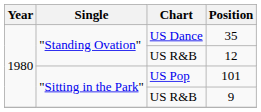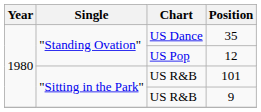 <table class="wikitable">
 <tr>
 <th>Year</th>
 <th>Single</th>
 <th>Chart</th>
 <th>Position</th>
 </tr>
 <tr>
 <td rowspan="4">1980</td>
 <td rowspan="2">"<a href='#'>Standing Ovation</a>"</td>
 <td rowspan="1"><a href='#'>US Dance</a></td>
 <td align="center">35</td>
 </tr>
 <tr>
-<td rowspan="1">US R&B</td>
+<td rowspan="1"><a href='#'>US Pop</a></td>
 <td align="center">12</td>
 </tr>
 <tr>
 <td rowspan="2">"<a href='#'>Sitting in the Park</a>"</td>
-<td rowspan="1"><a href='#'>US Pop</a></td>
+<td rowspan="1">US R&B</td>
 <td align="center">101</td>
 </tr>
 <tr>
 <td rowspan="1">US R&B</td>
 <td align="center">9</td>
 </tr>
 <tr>
 </tr>
 </table>
